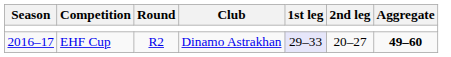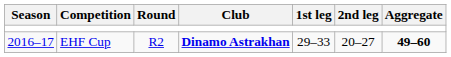 <table class="wikitable">
 <tr>
 <th>Season</th>
 <th>Competition</th>
 <th>Round</th>
 <th>Club</th>
 <th>1st leg</th>
 <th>2nd leg</th>
 <th>Aggregate</th>
 </tr>
 <tr>
 <td colspan="7" bgcolor=white></td>
 </tr>
 <tr>
 <td rowspan="2"><a href='#'>2016–17</a></td>
 <td rowspan="2"><a href='#'>EHF Cup</a></td>
 <td style="text-align:center;"><a href='#'>R2</a></td>
-<td> <a href='#'>Dinamo Astrakhan</a></td>
-<td style="background: lavender; text-align:center;">29–33</td>
+<td><strong> <a href='#'>Dinamo Astrakhan</a></strong></td>
+<td style="text-align:center;">29–33</td>
 <td style="text-align:center;">20–27</td>
 <td style="text-align:center;"><strong>49–60</strong></td>
 </tr>
 </table>
